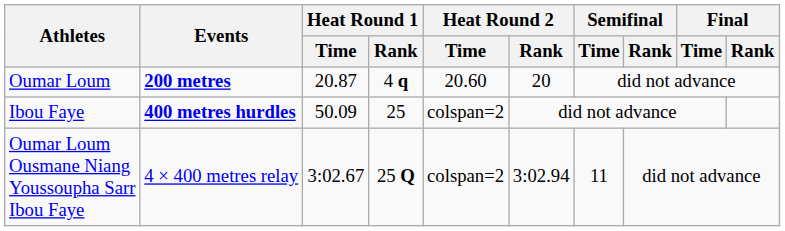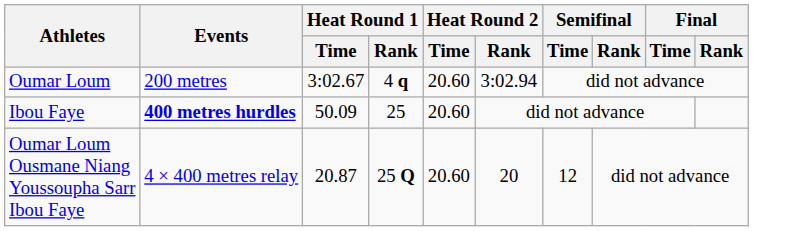 <table class=wikitable style=font-size:90%>
 <tr>
 <th rowspan=2>Athletes</th>
 <th rowspan=2>Events</th>
 <th colspan=2>Heat Round 1</th>
 <th colspan=2>Heat Round 2</th>
 <th colspan=2>Semifinal</th>
 <th colspan=2>Final</th>
 </tr>
 <tr>
 <th>Time</th>
 <th>Rank</th>
 <th>Time</th>
 <th>Rank</th>
 <th>Time</th>
 <th>Rank</th>
 <th>Time</th>
 <th>Rank</th>
 </tr>
 <tr>
 <td><a href='#'>Oumar Loum</a></td>
-<td><strong><a href='#'>200 metres</a></strong></td>
-<td align=center>20.87</td>
+<td><a href='#'>200 metres</a></td>
+<td align=center>3:02.67</td>
 <td align=center>4 <strong>q</strong></td>
 <td align=center>20.60</td>
-<td align=center>20</td>
+<td align=center>3:02.94</td>
 <td align=center colspan=4>did not advance</td>
 </tr>
 <tr>
 <td><a href='#'>Ibou Faye</a></td>
 <td><strong><a href='#'>400 metres hurdles</a></strong></td>
 <td align=center>50.09</td>
 <td align=center>25</td>
-<td>colspan=2</td>
+<td align=center>20.60</td>
 <td align=center colspan=4>did not advance</td>
 </tr>
 <tr>
 <td><a href='#'>Oumar Loum</a><br><a href='#'>Ousmane Niang</a><br><a href='#'>Youssoupha Sarr</a><br><a href='#'>Ibou Faye</a></td>
 <td><a href='#'>4 × 400 metres relay</a></td>
-<td align=center>3:02.67</td>
+<td align=center>20.87</td>
 <td align=center>25 <strong>Q</strong></td>
-<td>colspan=2</td>
-<td align=center>3:02.94</td>
-<td align=center>11</td>
+<td align=center>20.60</td>
+<td align=center>20</td>
+<td align=center>12</td>
 <td align=center colspan=4>did not advance</td>
 </tr>
 </table>
